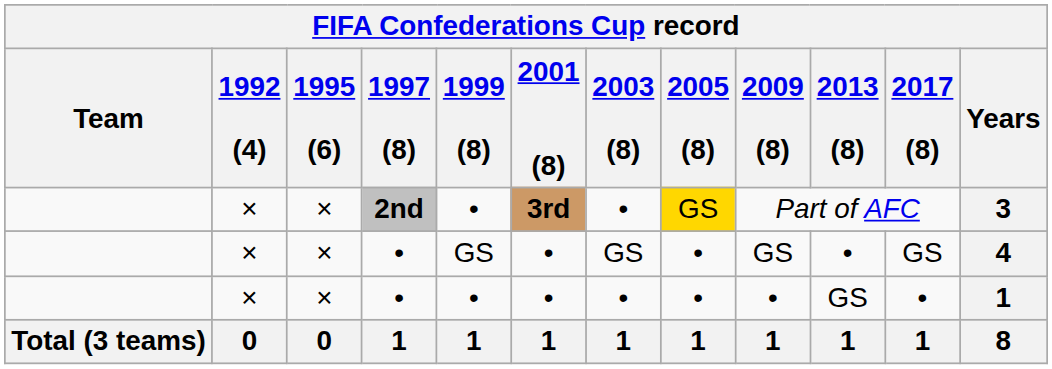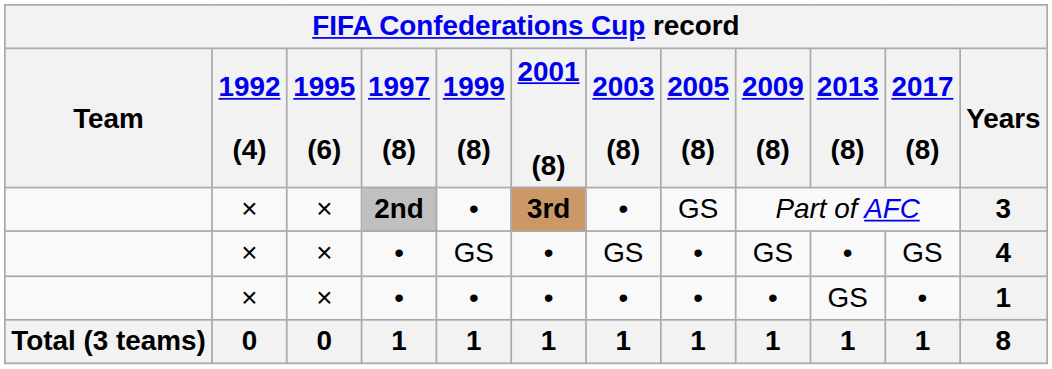 <table class="wikitable" style="text-align: center">
 <tr>
 <th colspan=12><a href='#'>FIFA Confederations Cup</a> record</th>
 </tr>
 <tr>
 <th>Team</th>
 <th><a href='#'>1992</a><br><br>(4)</th>
 <th><a href='#'>1995</a><br><br>(6)</th>
 <th><a href='#'>1997</a><br><br>(8)</th>
 <th><a href='#'>1999</a><br><br>(8)</th>
 <th><a href='#'>2001</a><br><br><br>(8)</th>
 <th><a href='#'>2003</a><br><br>(8)</th>
 <th><a href='#'>2005</a><br><br>(8)</th>
 <th><a href='#'>2009</a><br><br>(8)</th>
 <th><a href='#'>2013</a><br><br>(8)</th>
 <th><a href='#'>2017</a><br><br>(8)</th>
 <th>Years</th>
 </tr>
 <tr>
 <td style="text-align:left"></td>
 <td>×</td>
 <td>×</td>
 <td style="background:Silver;"><strong>2nd</strong></td>
 <td>•</td>
 <td style="background:#c96;"><strong>3rd</strong></td>
 <td>•</td>
-<td style="background: gold;">GS</td>
+<td>GS</td>
 <td colspan="3"><em>Part of <a href='#'>AFC</a></em></td>
 <th>3</th>
 </tr>
 <tr>
 <td style="text-align:left"></td>
 <td>×</td>
 <td>×</td>
 <td>•</td>
 <td>GS</td>
 <td>•</td>
 <td>GS</td>
 <td>•</td>
 <td>GS</td>
 <td>•</td>
 <td>GS</td>
 <th>4</th>
 </tr>
 <tr>
 <td style="text-align:left"></td>
 <td>×</td>
 <td>×</td>
 <td>•</td>
 <td>•</td>
 <td>•</td>
 <td>•</td>
 <td>•</td>
 <td>•</td>
 <td>GS</td>
 <td>•</td>
 <th>1</th>
 </tr>
 <tr>
 <th style="text-align:left"><strong>Total (3 teams)</strong></th>
 <th>0</th>
 <th>0</th>
 <th>1</th>
 <th>1</th>
 <th>1</th>
 <th>1</th>
 <th>1</th>
 <th>1</th>
 <th>1</th>
 <th>1</th>
 <th>8</th>
 </tr>
 </table>
